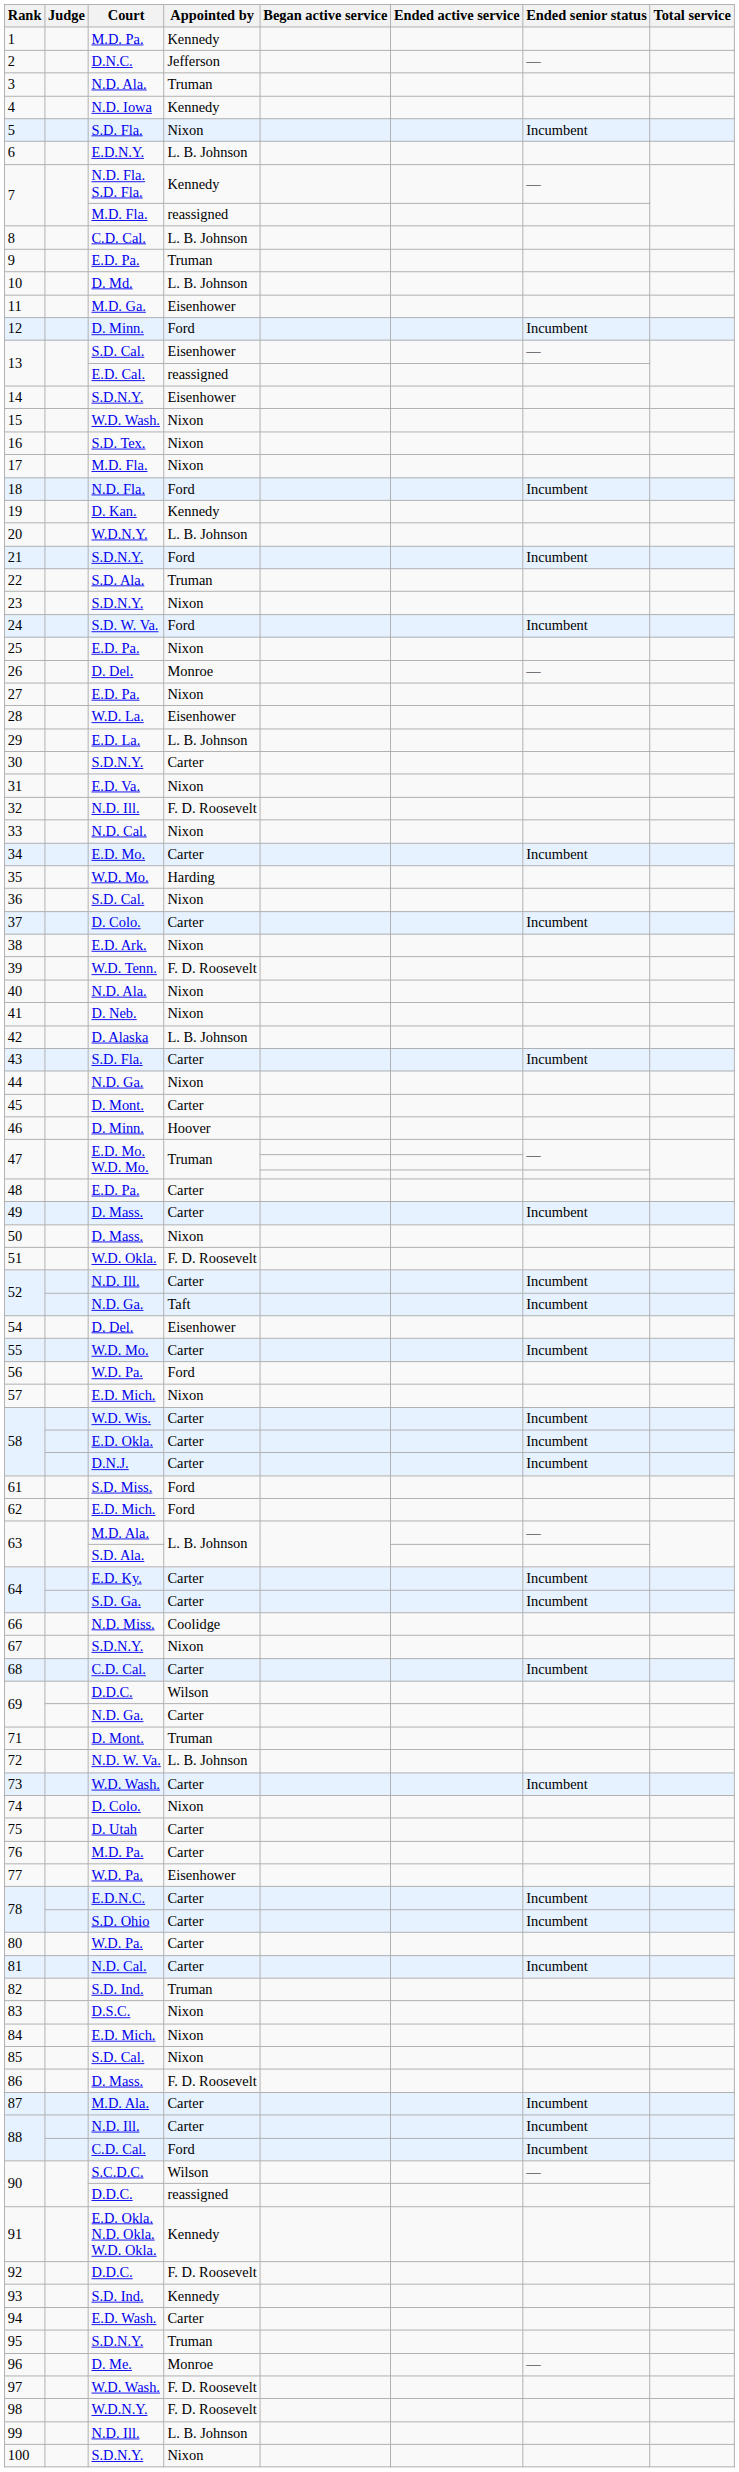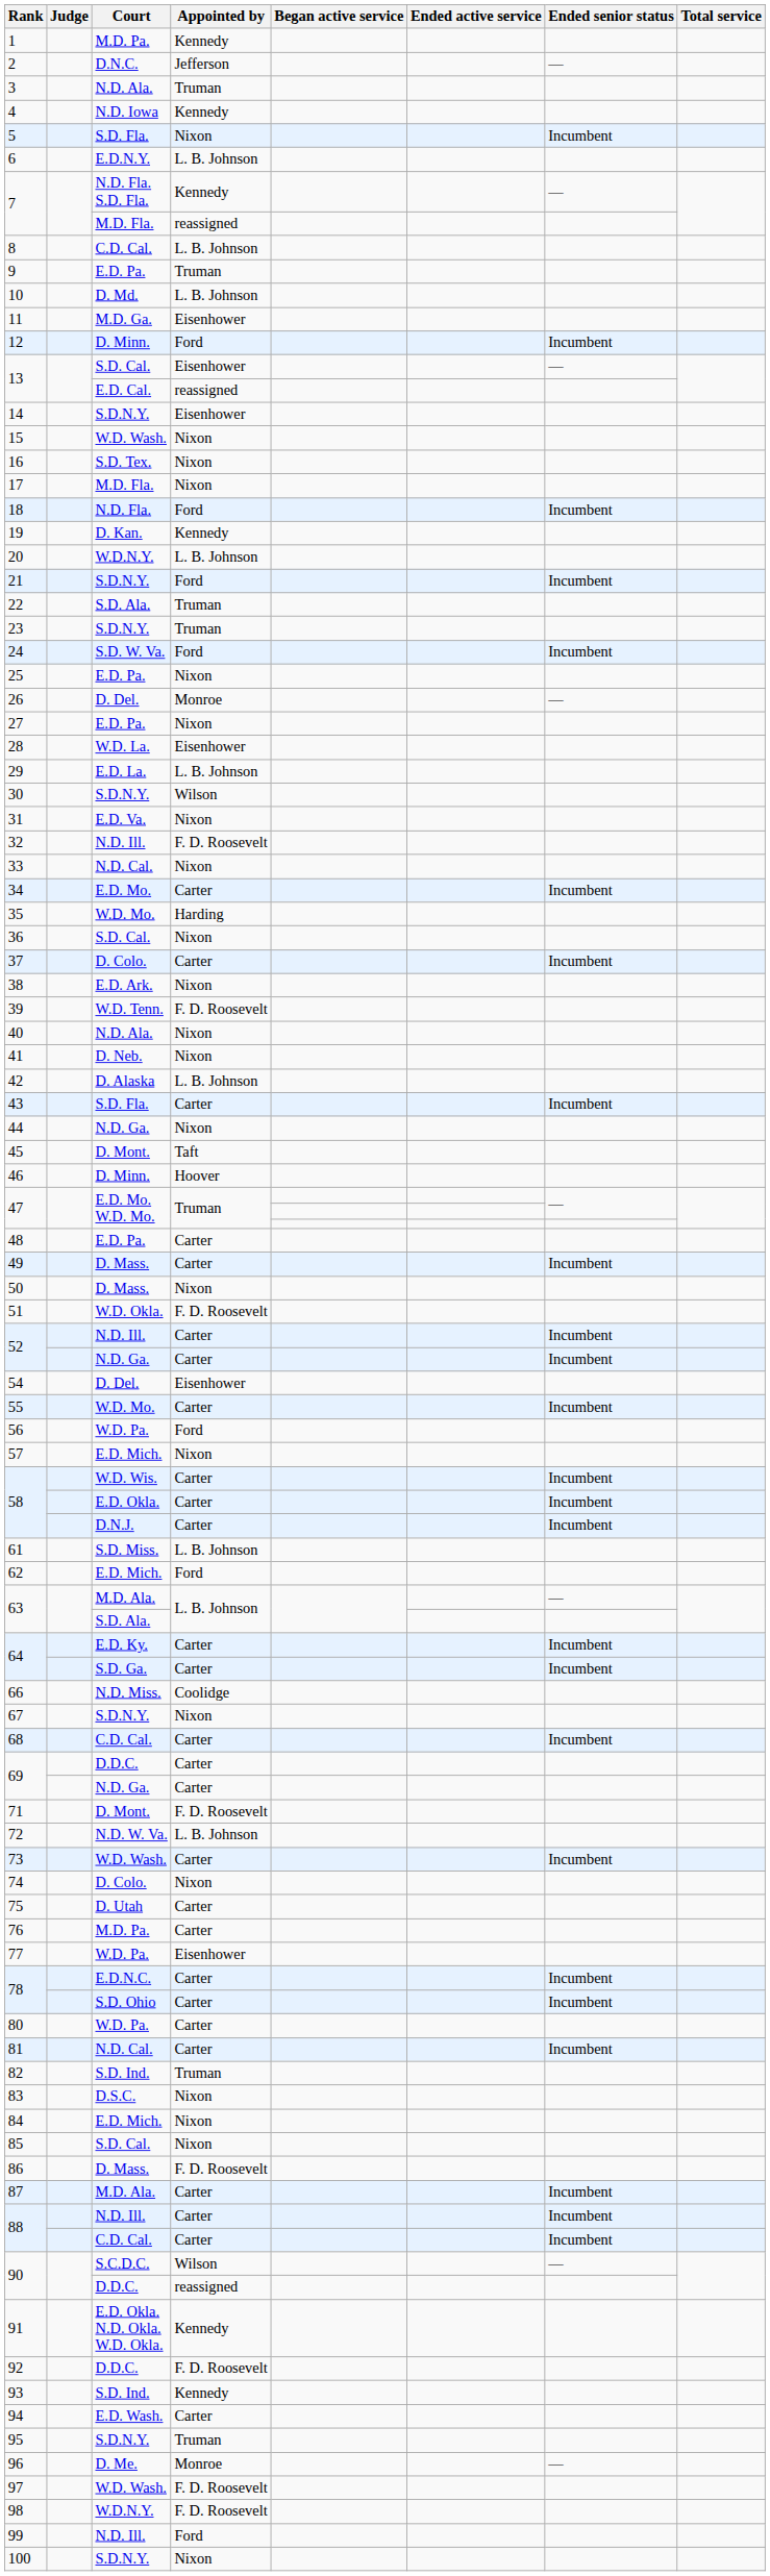 <table class="wikitable sortable">
 <tr>
 <th>Rank</th>
 <th>Judge</th>
 <th>Court</th>
 <th>Appointed by</th>
 <th>Began active service</th>
 <th>Ended active service</th>
 <th>Ended senior status</th>
 <th>Total service</th>
 </tr>
 <tr>
 <td>1</td>
 <td></td>
 <td><a href='#'>M.D. Pa.</a></td>
 <td>Kennedy</td>
 <td></td>
 <td></td>
 <td></td>
 <td></td>
 </tr>
 <tr>
 <td>2</td>
 <td></td>
 <td><a href='#'>D.N.C.</a></td>
 <td>Jefferson</td>
 <td></td>
 <td></td>
 <td>—</td>
 <td></td>
 </tr>
 <tr>
 <td>3</td>
 <td></td>
 <td><a href='#'>N.D. Ala.</a></td>
 <td>Truman</td>
 <td></td>
 <td></td>
 <td></td>
 <td></td>
 </tr>
 <tr>
 <td>4</td>
 <td></td>
 <td><a href='#'>N.D. Iowa</a></td>
 <td>Kennedy</td>
 <td></td>
 <td></td>
 <td></td>
 <td></td>
 </tr>
 <tr bgcolor="E6F2FF">
 <td>5</td>
 <td></td>
 <td><a href='#'>S.D. Fla.</a></td>
 <td>Nixon</td>
 <td></td>
 <td></td>
 <td>Incumbent</td>
 <td></td>
 </tr>
 <tr>
 <td>6</td>
 <td></td>
 <td><a href='#'>E.D.N.Y.</a></td>
 <td>L. B. Johnson</td>
 <td></td>
 <td></td>
 <td></td>
 <td></td>
 </tr>
 <tr>
 <td rowspan=2>7</td>
 <td rowspan=2></td>
 <td><a href='#'>N.D. Fla.</a><br><a href='#'>S.D. Fla.</a></td>
 <td>Kennedy</td>
 <td></td>
 <td></td>
 <td>—</td>
 <td rowspan=2></td>
 </tr>
 <tr>
 <td><a href='#'>M.D. Fla.</a></td>
 <td>reassigned</td>
 <td></td>
 <td></td>
 <td></td>
 </tr>
 <tr>
 <td>8</td>
 <td></td>
 <td><a href='#'>C.D. Cal.</a></td>
 <td>L. B. Johnson</td>
 <td></td>
 <td></td>
 <td></td>
 <td></td>
 </tr>
 <tr>
 <td>9</td>
 <td></td>
 <td><a href='#'>E.D. Pa.</a></td>
 <td>Truman</td>
 <td></td>
 <td></td>
 <td></td>
 <td></td>
 </tr>
 <tr>
 <td>10</td>
 <td></td>
 <td><a href='#'>D. Md.</a></td>
 <td>L. B. Johnson</td>
 <td></td>
 <td></td>
 <td></td>
 <td></td>
 </tr>
 <tr>
 <td>11</td>
 <td></td>
 <td><a href='#'>M.D. Ga.</a></td>
 <td>Eisenhower</td>
 <td></td>
 <td></td>
 <td></td>
 <td></td>
 </tr>
 <tr bgcolor="E6F2FF">
 <td>12</td>
 <td></td>
 <td><a href='#'>D. Minn.</a></td>
 <td>Ford</td>
 <td></td>
 <td></td>
 <td>Incumbent</td>
 <td></td>
 </tr>
 <tr>
 <td rowspan=2>13</td>
 <td rowspan=2></td>
 <td><a href='#'>S.D. Cal.</a></td>
 <td>Eisenhower</td>
 <td></td>
 <td></td>
 <td>—</td>
 <td rowspan=2></td>
 </tr>
 <tr>
 <td><a href='#'>E.D. Cal.</a></td>
 <td>reassigned</td>
 <td></td>
 <td></td>
 <td></td>
 </tr>
 <tr>
 <td>14</td>
 <td></td>
 <td><a href='#'>S.D.N.Y.</a></td>
 <td>Eisenhower</td>
 <td></td>
 <td></td>
 <td></td>
 <td></td>
 </tr>
 <tr>
 <td>15</td>
 <td></td>
 <td><a href='#'>W.D. Wash.</a></td>
 <td>Nixon</td>
 <td></td>
 <td></td>
 <td></td>
 <td></td>
 </tr>
 <tr>
 <td>16</td>
 <td></td>
 <td><a href='#'>S.D. Tex.</a></td>
 <td>Nixon</td>
 <td></td>
 <td></td>
 <td></td>
 <td></td>
 </tr>
 <tr>
 <td>17</td>
 <td></td>
 <td><a href='#'>M.D. Fla.</a></td>
 <td>Nixon</td>
 <td></td>
 <td></td>
 <td></td>
 <td></td>
 </tr>
 <tr bgcolor="E6F2FF">
 <td>18</td>
 <td></td>
 <td><a href='#'>N.D. Fla.</a></td>
 <td>Ford</td>
 <td></td>
 <td></td>
 <td>Incumbent</td>
 <td></td>
 </tr>
 <tr>
 <td>19</td>
 <td></td>
 <td><a href='#'>D. Kan.</a></td>
 <td>Kennedy</td>
 <td></td>
 <td></td>
 <td></td>
 <td></td>
 </tr>
 <tr>
 <td>20</td>
 <td></td>
 <td><a href='#'>W.D.N.Y.</a></td>
 <td>L. B. Johnson</td>
 <td></td>
 <td></td>
 <td></td>
 <td></td>
 </tr>
 <tr bgcolor="E6F2FF">
 <td>21</td>
 <td></td>
 <td><a href='#'>S.D.N.Y.</a></td>
 <td>Ford</td>
 <td></td>
 <td></td>
 <td>Incumbent</td>
 <td></td>
 </tr>
 <tr>
 <td>22</td>
 <td></td>
 <td><a href='#'>S.D. Ala.</a></td>
 <td>Truman</td>
 <td></td>
 <td></td>
 <td></td>
 <td></td>
 </tr>
 <tr>
 <td>23</td>
 <td></td>
 <td><a href='#'>S.D.N.Y.</a></td>
-<td>Nixon</td>
+<td>Truman</td>
 <td></td>
 <td></td>
 <td></td>
 <td></td>
 </tr>
 <tr bgcolor="E6F2FF">
 <td>24</td>
 <td></td>
 <td><a href='#'>S.D. W. Va.</a></td>
 <td>Ford</td>
 <td></td>
 <td></td>
 <td>Incumbent</td>
 <td></td>
 </tr>
 <tr>
 <td>25</td>
 <td></td>
 <td><a href='#'>E.D. Pa.</a></td>
 <td>Nixon</td>
 <td></td>
 <td></td>
 <td></td>
 <td></td>
 </tr>
 <tr>
 <td>26</td>
 <td></td>
 <td><a href='#'>D. Del.</a></td>
 <td>Monroe</td>
 <td></td>
 <td></td>
 <td>—</td>
 <td></td>
 </tr>
 <tr>
 <td>27</td>
 <td></td>
 <td><a href='#'>E.D. Pa.</a></td>
 <td>Nixon</td>
 <td></td>
 <td></td>
 <td></td>
 <td></td>
 </tr>
 <tr>
 <td>28</td>
 <td></td>
 <td><a href='#'>W.D. La.</a></td>
 <td>Eisenhower</td>
 <td></td>
 <td></td>
 <td></td>
 <td></td>
 </tr>
 <tr>
 <td>29</td>
 <td></td>
 <td><a href='#'>E.D. La.</a></td>
 <td>L. B. Johnson</td>
 <td></td>
 <td></td>
 <td></td>
 <td></td>
 </tr>
 <tr>
 <td>30</td>
 <td></td>
 <td><a href='#'>S.D.N.Y.</a></td>
-<td>Carter</td>
+<td>Wilson</td>
 <td></td>
 <td></td>
 <td></td>
 <td></td>
 </tr>
 <tr>
 <td>31</td>
 <td></td>
 <td><a href='#'>E.D. Va.</a></td>
 <td>Nixon</td>
 <td></td>
 <td></td>
 <td></td>
 <td></td>
 </tr>
 <tr>
 <td>32</td>
 <td></td>
 <td><a href='#'>N.D. Ill.</a></td>
 <td>F. D. Roosevelt</td>
 <td></td>
 <td></td>
 <td></td>
 <td></td>
 </tr>
 <tr>
 <td>33</td>
 <td></td>
 <td><a href='#'>N.D. Cal.</a></td>
 <td>Nixon</td>
 <td></td>
 <td></td>
 <td></td>
 <td></td>
 </tr>
 <tr bgcolor="E6F2FF">
 <td>34</td>
 <td></td>
 <td><a href='#'>E.D. Mo.</a></td>
 <td>Carter</td>
 <td></td>
 <td></td>
 <td>Incumbent</td>
 <td></td>
 </tr>
 <tr>
 <td>35</td>
 <td></td>
 <td><a href='#'>W.D. Mo.</a></td>
 <td>Harding</td>
 <td></td>
 <td></td>
 <td></td>
 <td></td>
 </tr>
 <tr>
 <td>36</td>
 <td></td>
 <td><a href='#'>S.D. Cal.</a></td>
 <td>Nixon</td>
 <td></td>
 <td></td>
 <td></td>
 <td></td>
 </tr>
 <tr bgcolor="E6F2FF">
 <td>37</td>
 <td></td>
 <td><a href='#'>D. Colo.</a></td>
 <td>Carter</td>
 <td></td>
 <td></td>
 <td>Incumbent</td>
 <td></td>
 </tr>
 <tr>
 <td>38</td>
 <td></td>
 <td><a href='#'>E.D. Ark.</a></td>
 <td>Nixon</td>
 <td></td>
 <td></td>
 <td></td>
 <td></td>
 </tr>
 <tr>
 <td>39</td>
 <td></td>
 <td><a href='#'>W.D. Tenn.</a></td>
 <td>F. D. Roosevelt</td>
 <td></td>
 <td></td>
 <td></td>
 <td></td>
 </tr>
 <tr>
 <td>40</td>
 <td></td>
 <td><a href='#'>N.D. Ala.</a></td>
 <td>Nixon</td>
 <td></td>
 <td></td>
 <td></td>
 <td></td>
 </tr>
 <tr>
 <td>41</td>
 <td></td>
 <td><a href='#'>D. Neb.</a></td>
 <td>Nixon</td>
 <td></td>
 <td></td>
 <td></td>
 <td></td>
 </tr>
 <tr>
 <td>42</td>
 <td></td>
 <td><a href='#'>D. Alaska</a></td>
 <td>L. B. Johnson</td>
 <td></td>
 <td></td>
 <td></td>
 <td></td>
 </tr>
 <tr bgcolor="E6F2FF">
 <td>43</td>
 <td></td>
 <td><a href='#'>S.D. Fla.</a></td>
 <td>Carter</td>
 <td></td>
 <td></td>
 <td>Incumbent</td>
 <td></td>
 </tr>
 <tr>
 <td>44</td>
 <td></td>
 <td><a href='#'>N.D. Ga.</a></td>
 <td>Nixon</td>
 <td></td>
 <td></td>
 <td></td>
 <td></td>
 </tr>
 <tr>
 <td>45</td>
 <td></td>
 <td><a href='#'>D. Mont.</a></td>
-<td>Carter</td>
+<td>Taft</td>
 <td></td>
 <td></td>
 <td></td>
 <td></td>
 </tr>
 <tr>
 <td>46</td>
 <td></td>
 <td><a href='#'>D. Minn.</a></td>
 <td>Hoover</td>
 <td></td>
 <td></td>
 <td></td>
 <td></td>
 </tr>
 <tr>
 <td rowspan=3>47</td>
 <td rowspan=3></td>
 <td rowspan=3><a href='#'>E.D. Mo.</a><br><a href='#'>W.D. Mo.</a></td>
 <td rowspan=3>Truman</td>
 <td></td>
 <td></td>
 <td rowspan=2>—</td>
 <td rowspan=3></td>
 </tr>
 <tr>
 <td></td>
 <td></td>
 </tr>
 <tr>
 <td></td>
 <td></td>
 <td></td>
 </tr>
 <tr>
 <td>48</td>
 <td></td>
 <td><a href='#'>E.D. Pa.</a></td>
 <td>Carter</td>
 <td></td>
 <td></td>
 <td></td>
 <td></td>
 </tr>
 <tr bgcolor="E6F2FF">
 <td>49</td>
 <td></td>
 <td><a href='#'>D. Mass.</a></td>
 <td>Carter</td>
 <td></td>
 <td></td>
 <td>Incumbent</td>
 <td></td>
 </tr>
 <tr>
 <td>50</td>
 <td></td>
 <td><a href='#'>D. Mass.</a></td>
 <td>Nixon</td>
 <td></td>
 <td></td>
 <td></td>
 <td></td>
 </tr>
 <tr>
 <td>51</td>
 <td></td>
 <td><a href='#'>W.D. Okla.</a></td>
 <td>F. D. Roosevelt</td>
 <td></td>
 <td></td>
 <td></td>
 <td></td>
 </tr>
 <tr bgcolor="E6F2FF">
 <td rowspan=2>52</td>
 <td></td>
 <td><a href='#'>N.D. Ill.</a></td>
 <td>Carter</td>
 <td></td>
 <td></td>
 <td>Incumbent</td>
 <td></td>
 </tr>
 <tr bgcolor="E6F2FF">
 <td></td>
 <td><a href='#'>N.D. Ga.</a></td>
-<td>Taft</td>
+<td>Carter</td>
 <td></td>
 <td></td>
 <td>Incumbent</td>
 <td></td>
 </tr>
 <tr>
 <td>54</td>
 <td></td>
 <td><a href='#'>D. Del.</a></td>
 <td>Eisenhower</td>
 <td></td>
 <td></td>
 <td></td>
 <td></td>
 </tr>
 <tr bgcolor="E6F2FF">
 <td>55</td>
 <td></td>
 <td><a href='#'>W.D. Mo.</a></td>
 <td>Carter</td>
 <td></td>
 <td></td>
 <td>Incumbent</td>
 <td></td>
 </tr>
 <tr>
 <td>56</td>
 <td></td>
 <td><a href='#'>W.D. Pa.</a></td>
 <td>Ford</td>
 <td></td>
 <td></td>
 <td></td>
 <td></td>
 </tr>
 <tr>
 <td>57</td>
 <td></td>
 <td><a href='#'>E.D. Mich.</a></td>
 <td>Nixon</td>
 <td></td>
 <td></td>
 <td></td>
 <td></td>
 </tr>
 <tr bgcolor="E6F2FF">
 <td rowspan=3>58</td>
 <td></td>
 <td><a href='#'>W.D. Wis.</a></td>
 <td>Carter</td>
 <td></td>
 <td></td>
 <td>Incumbent</td>
 <td></td>
 </tr>
 <tr bgcolor="E6F2FF">
 <td></td>
 <td><a href='#'>E.D. Okla.</a></td>
 <td>Carter</td>
 <td></td>
 <td></td>
 <td>Incumbent</td>
 <td></td>
 </tr>
 <tr bgcolor="E6F2FF">
 <td></td>
 <td><a href='#'>D.N.J.</a></td>
 <td>Carter</td>
 <td></td>
 <td></td>
 <td>Incumbent</td>
 <td></td>
 </tr>
 <tr>
 <td>61</td>
 <td></td>
 <td><a href='#'>S.D. Miss.</a></td>
-<td>Ford</td>
+<td>L. B. Johnson</td>
 <td></td>
 <td></td>
 <td></td>
 <td></td>
 </tr>
 <tr>
 <td>62</td>
 <td></td>
 <td><a href='#'>E.D. Mich.</a></td>
 <td>Ford</td>
 <td></td>
 <td></td>
 <td></td>
 <td></td>
 </tr>
 <tr>
 <td rowspan=2>63</td>
 <td rowspan=2></td>
 <td><a href='#'>M.D. Ala.</a></td>
 <td rowspan=2>L. B. Johnson</td>
 <td rowspan=2></td>
 <td></td>
 <td>—</td>
 <td rowspan=2></td>
 </tr>
 <tr>
 <td><a href='#'>S.D. Ala.</a></td>
 <td></td>
 <td></td>
 </tr>
 <tr bgcolor="E6F2FF">
 <td rowspan=2>64</td>
 <td></td>
 <td><a href='#'>E.D. Ky.</a></td>
 <td>Carter</td>
 <td></td>
 <td></td>
 <td>Incumbent</td>
 <td></td>
 </tr>
 <tr bgcolor="E6F2FF">
 <td></td>
 <td><a href='#'>S.D. Ga.</a></td>
 <td>Carter</td>
 <td></td>
 <td></td>
 <td>Incumbent</td>
 <td></td>
 </tr>
 <tr>
 <td>66</td>
 <td></td>
 <td><a href='#'>N.D. Miss.</a></td>
 <td>Coolidge</td>
 <td></td>
 <td></td>
 <td></td>
 <td></td>
 </tr>
 <tr>
 <td>67</td>
 <td></td>
 <td><a href='#'>S.D.N.Y.</a></td>
 <td>Nixon</td>
 <td></td>
 <td></td>
 <td></td>
 <td></td>
 </tr>
 <tr bgcolor="E6F2FF">
 <td>68</td>
 <td></td>
 <td><a href='#'>C.D. Cal.</a></td>
 <td>Carter</td>
 <td></td>
 <td></td>
 <td>Incumbent</td>
 <td></td>
 </tr>
 <tr>
 <td rowspan=2>69</td>
 <td></td>
 <td><a href='#'>D.D.C.</a></td>
-<td>Wilson</td>
+<td>Carter</td>
 <td></td>
 <td></td>
 <td></td>
 <td></td>
 </tr>
 <tr>
 <td></td>
 <td><a href='#'>N.D. Ga.</a></td>
 <td>Carter</td>
 <td></td>
 <td></td>
 <td></td>
 <td></td>
 </tr>
 <tr>
 <td>71</td>
 <td></td>
 <td><a href='#'>D. Mont.</a></td>
-<td>Truman</td>
+<td>F. D. Roosevelt</td>
 <td></td>
 <td></td>
 <td></td>
 <td></td>
 </tr>
 <tr>
 <td>72</td>
 <td></td>
 <td><a href='#'>N.D. W. Va.</a></td>
 <td>L. B. Johnson</td>
 <td></td>
 <td></td>
 <td></td>
 <td></td>
 </tr>
 <tr bgcolor="E6F2FF">
 <td>73</td>
 <td></td>
 <td><a href='#'>W.D. Wash.</a></td>
 <td>Carter</td>
 <td></td>
 <td></td>
 <td>Incumbent</td>
 <td></td>
 </tr>
 <tr>
 <td>74</td>
 <td></td>
 <td><a href='#'>D. Colo.</a></td>
 <td>Nixon</td>
 <td></td>
 <td></td>
 <td></td>
 <td></td>
 </tr>
 <tr>
 <td>75</td>
 <td></td>
 <td><a href='#'>D. Utah</a></td>
 <td>Carter</td>
 <td></td>
 <td></td>
 <td></td>
 <td></td>
 </tr>
 <tr>
 <td>76</td>
 <td></td>
 <td><a href='#'>M.D. Pa.</a></td>
 <td>Carter</td>
 <td></td>
 <td></td>
 <td></td>
 <td></td>
 </tr>
 <tr>
 <td>77</td>
 <td></td>
 <td><a href='#'>W.D. Pa.</a></td>
 <td>Eisenhower</td>
 <td></td>
 <td></td>
 <td></td>
 <td></td>
 </tr>
 <tr bgcolor="E6F2FF">
 <td rowspan=2>78</td>
 <td></td>
 <td><a href='#'>E.D.N.C.</a></td>
 <td>Carter</td>
 <td></td>
 <td></td>
 <td>Incumbent</td>
 <td></td>
 </tr>
 <tr bgcolor="E6F2FF">
 <td></td>
 <td><a href='#'>S.D. Ohio</a></td>
 <td>Carter</td>
 <td></td>
 <td></td>
 <td>Incumbent</td>
 <td></td>
 </tr>
 <tr>
 <td>80</td>
 <td></td>
 <td><a href='#'>W.D. Pa.</a></td>
 <td>Carter</td>
 <td></td>
 <td></td>
 <td></td>
 <td></td>
 </tr>
 <tr bgcolor="E6F2FF">
 <td>81</td>
 <td></td>
 <td><a href='#'>N.D. Cal.</a></td>
 <td>Carter</td>
 <td></td>
 <td></td>
 <td>Incumbent</td>
 <td></td>
 </tr>
 <tr>
 <td>82</td>
 <td></td>
 <td><a href='#'>S.D. Ind.</a></td>
 <td>Truman</td>
 <td></td>
 <td></td>
 <td></td>
 <td></td>
 </tr>
 <tr>
 <td>83</td>
 <td></td>
 <td><a href='#'>D.S.C.</a></td>
 <td>Nixon</td>
 <td></td>
 <td></td>
 <td></td>
 <td></td>
 </tr>
 <tr>
 <td>84</td>
 <td></td>
 <td><a href='#'>E.D. Mich.</a></td>
 <td>Nixon</td>
 <td></td>
 <td></td>
 <td></td>
 <td></td>
 </tr>
 <tr>
 <td>85</td>
 <td></td>
 <td><a href='#'>S.D. Cal.</a></td>
 <td>Nixon</td>
 <td></td>
 <td></td>
 <td></td>
 <td></td>
 </tr>
 <tr>
 <td>86</td>
 <td></td>
 <td><a href='#'>D. Mass.</a></td>
 <td>F. D. Roosevelt</td>
 <td></td>
 <td></td>
 <td></td>
 <td></td>
 </tr>
 <tr bgcolor="E6F2FF">
 <td>87</td>
 <td></td>
 <td><a href='#'>M.D. Ala.</a></td>
 <td>Carter</td>
 <td></td>
 <td></td>
 <td>Incumbent</td>
 <td></td>
 </tr>
 <tr bgcolor="E6F2FF">
 <td rowspan=2>88</td>
 <td></td>
 <td><a href='#'>N.D. Ill.</a></td>
 <td>Carter</td>
 <td></td>
 <td></td>
 <td>Incumbent</td>
 <td></td>
 </tr>
 <tr bgcolor="E6F2FF">
 <td></td>
 <td><a href='#'>C.D. Cal.</a></td>
-<td>Ford</td>
+<td>Carter</td>
 <td></td>
 <td></td>
 <td>Incumbent</td>
 <td></td>
 </tr>
 <tr>
 <td rowspan=2>90</td>
 <td rowspan=2></td>
 <td><a href='#'>S.C.D.C.</a></td>
 <td>Wilson</td>
 <td></td>
 <td></td>
 <td>—</td>
 <td rowspan=2></td>
 </tr>
 <tr>
 <td><a href='#'>D.D.C.</a></td>
 <td>reassigned</td>
 <td></td>
 <td></td>
 <td></td>
 </tr>
 <tr>
 <td>91</td>
 <td></td>
 <td><a href='#'>E.D. Okla.</a><br><a href='#'>N.D. Okla.</a><br><a href='#'>W.D. Okla.</a></td>
 <td>Kennedy</td>
 <td></td>
 <td></td>
 <td></td>
 <td></td>
 </tr>
 <tr>
 <td>92</td>
 <td></td>
 <td><a href='#'>D.D.C.</a></td>
 <td>F. D. Roosevelt</td>
 <td></td>
 <td></td>
 <td></td>
 <td></td>
 </tr>
 <tr>
 <td>93</td>
 <td></td>
 <td><a href='#'>S.D. Ind.</a></td>
 <td>Kennedy</td>
 <td></td>
 <td></td>
 <td></td>
 <td></td>
 </tr>
 <tr>
 <td>94</td>
 <td></td>
 <td><a href='#'>E.D. Wash.</a></td>
 <td>Carter</td>
 <td></td>
 <td></td>
 <td></td>
 <td></td>
 </tr>
 <tr>
 <td>95</td>
 <td></td>
 <td><a href='#'>S.D.N.Y.</a></td>
 <td>Truman</td>
 <td></td>
 <td></td>
 <td></td>
 <td></td>
 </tr>
 <tr>
 <td>96</td>
 <td></td>
 <td><a href='#'>D. Me.</a></td>
 <td>Monroe</td>
 <td></td>
 <td></td>
 <td>—</td>
 <td></td>
 </tr>
 <tr>
 <td>97</td>
 <td></td>
 <td><a href='#'>W.D. Wash.</a></td>
 <td>F. D. Roosevelt</td>
 <td></td>
 <td></td>
 <td></td>
 <td></td>
 </tr>
 <tr>
 <td>98</td>
 <td></td>
 <td><a href='#'>W.D.N.Y.</a></td>
 <td>F. D. Roosevelt</td>
 <td></td>
 <td></td>
 <td></td>
 <td></td>
 </tr>
 <tr>
 <td>99</td>
 <td></td>
 <td><a href='#'>N.D. Ill.</a></td>
-<td>L. B. Johnson</td>
+<td>Ford</td>
 <td></td>
 <td></td>
 <td></td>
 <td></td>
 </tr>
 <tr>
 <td>100</td>
 <td></td>
 <td><a href='#'>S.D.N.Y.</a></td>
 <td>Nixon</td>
 <td></td>
 <td></td>
 <td></td>
 <td><br> </td>
 </tr>
 </table>
